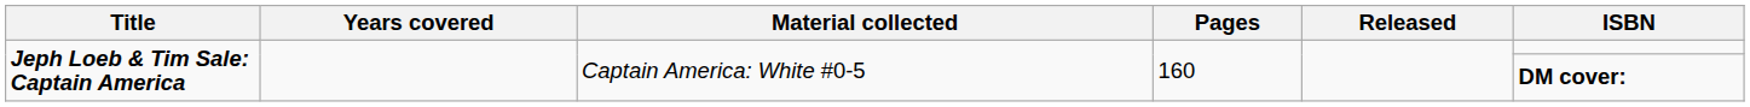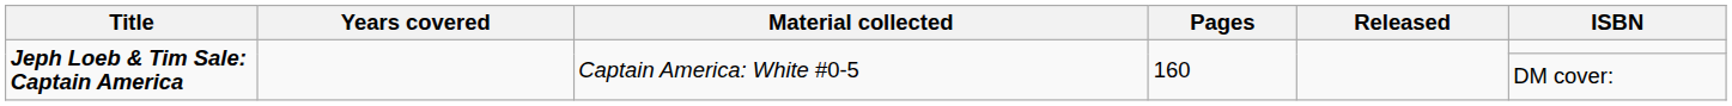 <table class="wikitable sortable" width=99%>
 <tr>
 <th style="width: 11em;'">Title</th>
 <th>Years covered</th>
 <th>Material collected</th>
 <th>Pages</th>
 <th>Released</th>
 <th class="unsortable">ISBN</th>
 </tr>
 <tr>
 <td rowspan=2><strong><em>Jeph Loeb & Tim Sale: Captain America</em></strong></td>
 <td rowspan=2></td>
 <td rowspan=2><em>Captain America: White</em> #0-5</td>
 <td rowspan=2>160</td>
 <td rowspan=2></td>
 <td></td>
 </tr>
 <tr>
-<td><strong>DM cover: </strong></td>
+<td>DM cover: </td>
 </tr>
 </table>
